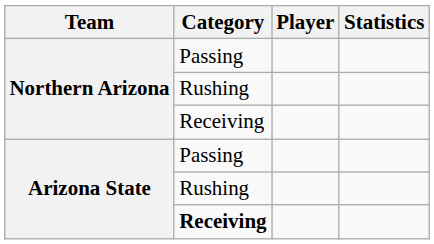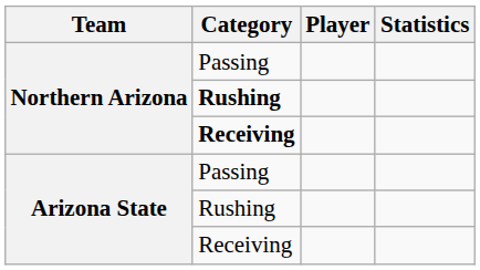 <table class="wikitable" style="float:right">
 <tr>
 <th>Team</th>
 <th>Category</th>
 <th>Player</th>
 <th>Statistics</th>
 </tr>
 <tr>
 <th rowspan=3>Northern Arizona</th>
 <td>Passing</td>
 <td></td>
 <td></td>
 </tr>
 <tr>
-<td>Rushing</td>
+<td><strong>Rushing</strong></td>
 <td></td>
 <td></td>
 </tr>
 <tr>
-<td>Receiving</td>
+<td><strong>Receiving</strong></td>
 <td></td>
 <td></td>
 </tr>
 <tr>
 <th rowspan=3>Arizona State</th>
 <td>Passing</td>
 <td></td>
 <td></td>
 </tr>
 <tr>
 <td>Rushing</td>
 <td></td>
 <td></td>
 </tr>
 <tr>
-<td><strong>Receiving</strong></td>
+<td>Receiving</td>
 <td></td>
 <td></td>
 </tr>
 </table>
